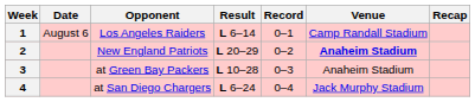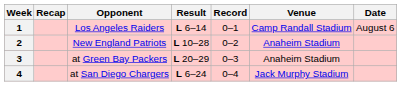 <table class="wikitable" style="font-size: 95%;">
 <tr>
 <th>Week</th>
-<th>Date</th>
+<th>Recap</th>
 <th>Opponent</th>
 <th>Result</th>
 <th>Record</th>
 <th>Venue</th>
-<th>Recap</th>
+<th>Date</th>
 </tr>
 <tr align="center" bgcolor="#fcc">
 <th>1</th>
-<td>August 6</td>
+<td></td>
 <td><a href='#'>Los Angeles Raiders</a></td>
 <td><strong>L</strong> 6–14</td>
 <td>0–1</td>
 <td><a href='#'>Camp Randall Stadium</a></td>
-<td></td>
+<td>August 6</td>
 </tr>
 <tr align="center" bgcolor="#fcc">
 <th>2</th>
 <td></td>
 <td><a href='#'>New England Patriots</a></td>
-<td><strong>L</strong>  20–29</td>
+<td><strong>L</strong> 10–28</td>
 <td>0–2</td>
-<td><strong><a href='#'>Anaheim Stadium</a></strong></td>
+<td><a href='#'>Anaheim Stadium</a></td>
 <td></td>
 </tr>
 <tr align="center" bgcolor="#fcc">
 <th>3</th>
 <td></td>
 <td>at  <a href='#'>Green Bay Packers</a></td>
-<td><strong>L</strong> 10–28</td>
+<td><strong>L</strong>  20–29</td>
 <td>0–3</td>
 <td>Anaheim Stadium</td>
 <td></td>
 </tr>
 <tr align="center" bgcolor="#fcc">
 <th>4</th>
 <td></td>
 <td>at  <a href='#'>San Diego Chargers</a></td>
 <td><strong>L</strong> 6–24</td>
 <td>0–4</td>
 <td><a href='#'>Jack Murphy Stadium</a></td>
 <td></td>
 </tr>
 </table>
